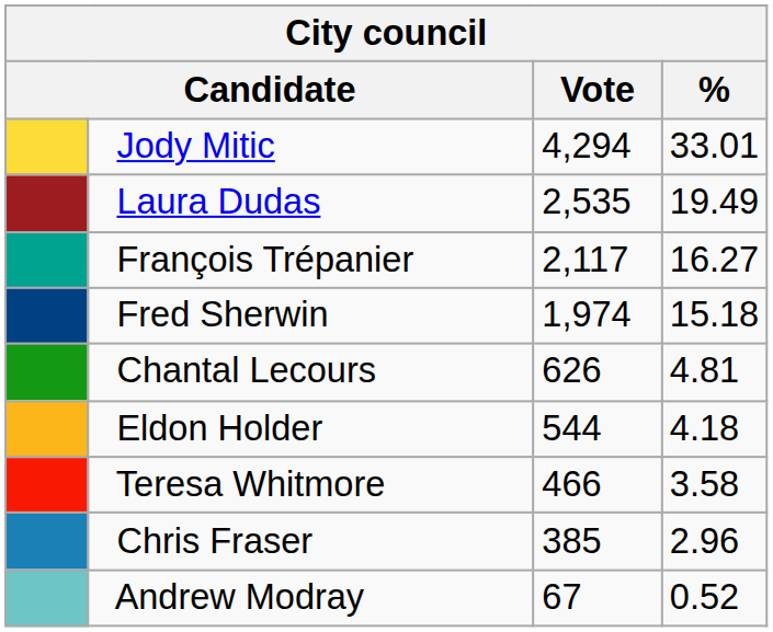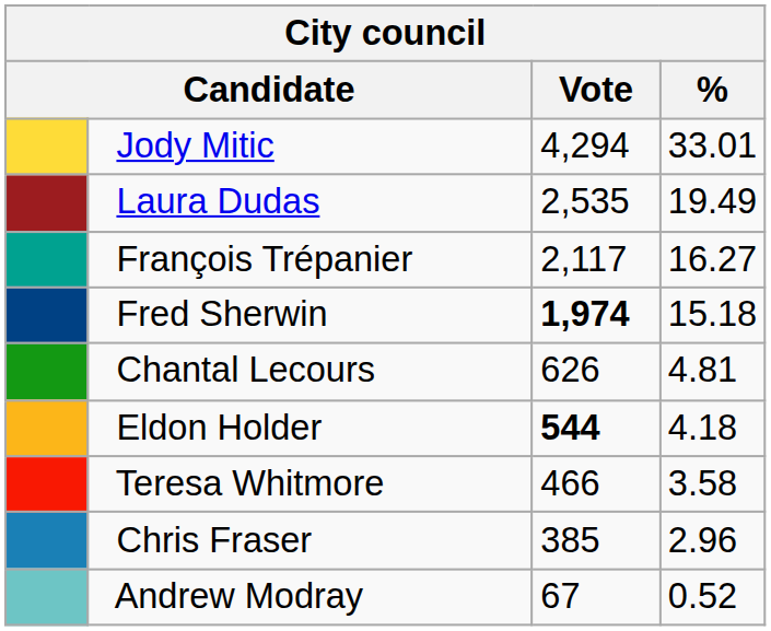 <table class="wikitable">
 <tr>
 <th colspan="4">City council</th>
 </tr>
 <tr>
 <th bgcolor="#DDDDFF" width="230px" colspan="2">Candidate</th>
 <th bgcolor="#DDDDFF" width="50px">Vote</th>
 <th bgcolor="#DDDDFF" width="30px">%</th>
 </tr>
 <tr>
 <td bgcolor=#FEDC38 width="30px"> </td>
 <td>  <a href='#'>Jody Mitic</a></td>
 <td>4,294</td>
 <td>33.01</td>
 </tr>
 <tr>
 <td bgcolor=#9C1C1F width="30px"> </td>
 <td>  <a href='#'>Laura Dudas</a></td>
 <td>2,535</td>
 <td>19.49</td>
 </tr>
 <tr>
 <td bgcolor=#00A290 width="30px"> </td>
 <td>  François Trépanier</td>
 <td>2,117</td>
 <td>16.27</td>
 </tr>
 <tr>
 <td bgcolor=#004184 width="30px"> </td>
 <td>  Fred Sherwin</td>
-<td>1,974</td>
+<td><strong>1,974</strong></td>
 <td>15.18</td>
 </tr>
 <tr>
 <td bgcolor=#139913 width="30px"> </td>
 <td>  Chantal Lecours</td>
 <td>626</td>
 <td>4.81</td>
 </tr>
 <tr>
 <td bgcolor=#FCB619 width="30px"> </td>
 <td>  Eldon Holder</td>
-<td>544</td>
+<td><strong>544</strong></td>
 <td>4.18</td>
 </tr>
 <tr>
 <td bgcolor=#F91802 width="30px"> </td>
 <td>  Teresa Whitmore</td>
 <td>466</td>
 <td>3.58</td>
 </tr>
 <tr>
 <td bgcolor=#1A80B6 width="30px"> </td>
 <td>  Chris Fraser</td>
 <td>385</td>
 <td>2.96</td>
 </tr>
 <tr>
 <td bgcolor=#6DC5C5 width="30px"> </td>
 <td>  Andrew Modray</td>
 <td>67</td>
 <td>0.52</td>
 </tr>
 </table>
